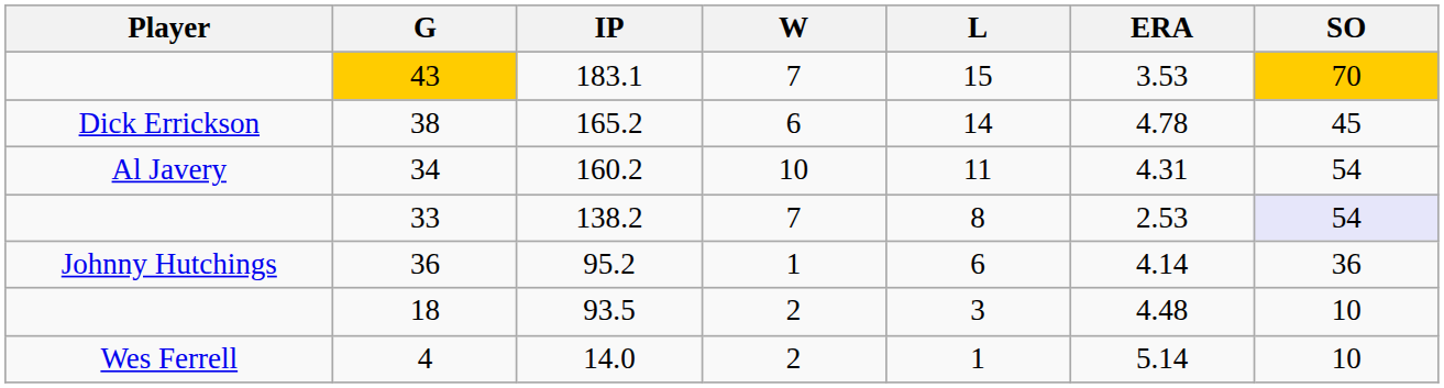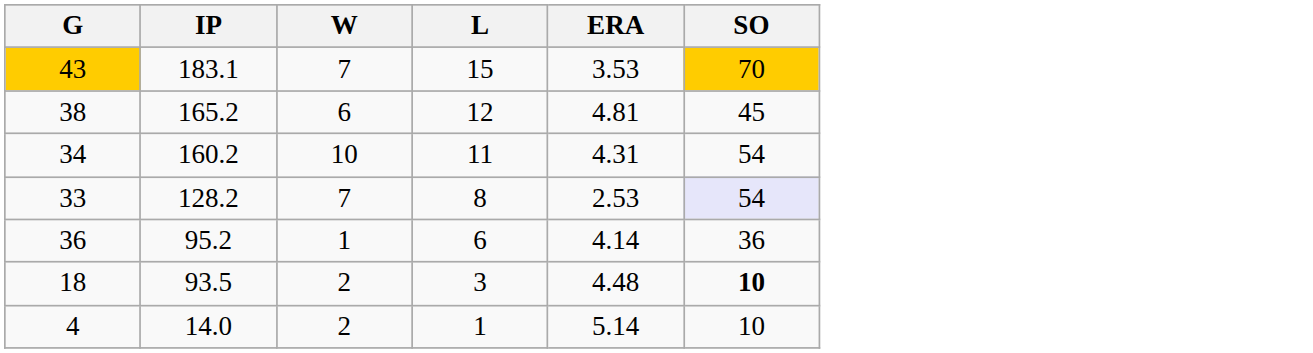 <table class="wikitable sortable">
 <tr>
-<th bgcolor="#DDDDFF" width="16%">Player</th>
 <th bgcolor="#DDDDFF" width="9%">G</th>
 <th bgcolor="#DDDDFF" width="9%">IP</th>
 <th bgcolor="#DDDDFF" width="9%">W</th>
 <th bgcolor="#DDDDFF" width="9%">L</th>
 <th bgcolor="#DDDDFF" width="9%">ERA</th>
 <th bgcolor="#DDDDFF" width="9%">SO</th>
 </tr>
 <tr align="center">
-<td></td>
 <td style="background:#fc0;">43</td>
 <td>183.1</td>
 <td>7</td>
 <td>15</td>
 <td>3.53</td>
 <td style="background:#fc0;">70</td>
 </tr>
 <tr align="center">
-<td><a href='#'>Dick Errickson</a></td>
 <td>38</td>
 <td>165.2</td>
 <td>6</td>
-<td>14</td>
-<td>4.78</td>
+<td>12</td>
+<td>4.81</td>
 <td>45</td>
 </tr>
 <tr align="center">
-<td><a href='#'>Al Javery</a></td>
 <td>34</td>
 <td>160.2</td>
 <td>10</td>
 <td>11</td>
 <td>4.31</td>
 <td>54</td>
 </tr>
 <tr align="center">
-<td></td>
 <td>33</td>
-<td>138.2</td>
+<td>128.2</td>
 <td>7</td>
 <td>8</td>
 <td>2.53</td>
 <td style="background: lavender;">54</td>
 </tr>
 <tr align="center">
-<td><a href='#'>Johnny Hutchings</a></td>
 <td>36</td>
 <td>95.2</td>
 <td>1</td>
 <td>6</td>
 <td>4.14</td>
 <td>36</td>
 </tr>
 <tr align="center">
-<td></td>
 <td>18</td>
 <td>93.5</td>
 <td>2</td>
 <td>3</td>
 <td>4.48</td>
-<td>10</td>
+<td><strong>10</strong></td>
 </tr>
 <tr align="center">
-<td><a href='#'>Wes Ferrell</a></td>
 <td>4</td>
 <td>14.0</td>
 <td>2</td>
 <td>1</td>
 <td>5.14</td>
 <td>10</td>
 </tr>
 </table>
